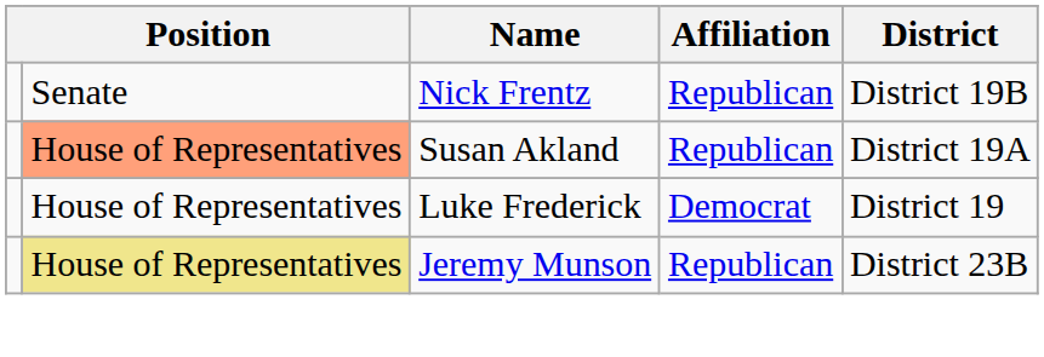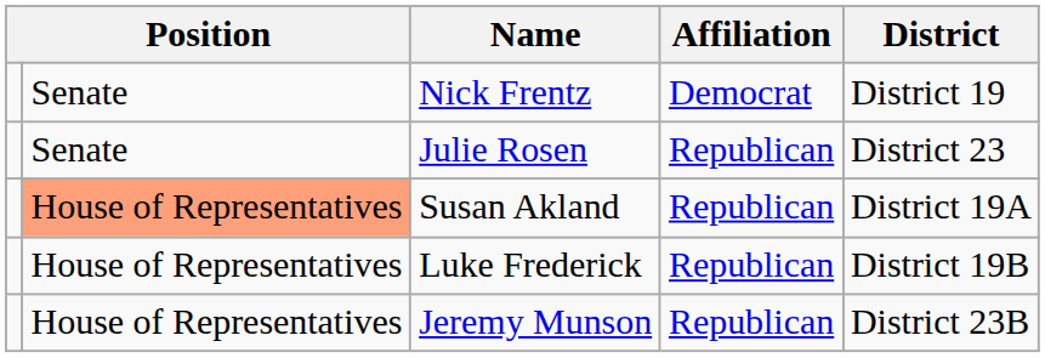 <table class="wikitable">
 <tr>
 <th colspan="2">Position</th>
 <th>Name</th>
 <th>Affiliation</th>
 <th>District</th>
 </tr>
 <tr>
 <td style="background-color:"></td>
 <td>Senate</td>
 <td><a href='#'>Nick Frentz</a></td>
+<td><a href='#'>Democrat</a></td>
+<td>District 19</td>
+</tr>
+<tr>
+<td style="background-color:"></td>
+<td>Senate</td>
+<td><a href='#'>Julie Rosen</a></td>
 <td><a href='#'>Republican</a></td>
-<td>District 19B</td>
+<td>District 23</td>
 </tr>
 <tr>
 <td style="background-color:"></td>
 <td style="background: lightsalmon;">House of Representatives</td>
 <td>Susan Akland</td>
 <td><a href='#'>Republican</a></td>
 <td>District 19A</td>
 </tr>
 <tr>
 <td style="background-color:"></td>
 <td>House of Representatives</td>
 <td>Luke Frederick</td>
-<td><a href='#'>Democrat</a></td>
-<td>District 19</td>
+<td><a href='#'>Republican</a></td>
+<td>District 19B</td>
 </tr>
 <tr>
 <td style="background-color:"></td>
-<td style="background: khaki;">House of Representatives</td>
+<td>House of Representatives</td>
 <td><a href='#'>Jeremy Munson</a></td>
 <td><a href='#'>Republican</a></td>
 <td>District 23B</td>
 </tr>
 </table>
